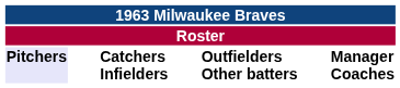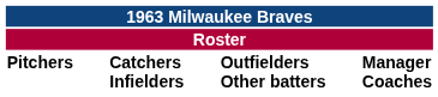 <table class="toccolours" style="font-size: 95%;">
 <tr>
 <th colspan="10" style="background-color: #0f437c; color: white; text-align: center;">1963 Milwaukee Braves</th>
 </tr>
 <tr>
 <td colspan="10" style="background-color: #af0039; color: white; text-align: center;"><strong>Roster</strong></td>
 </tr>
 <tr>
-<td valign="top" style="background: lavender;"><strong>Pitchers</strong><br>             </td>
+<td valign="top"><strong>Pitchers</strong><br>             </td>
 <td width="25px"></td>
 <td valign="top"><strong>Catchers</strong><br>   <strong>Infielders</strong>          </td>
 <td width="25px"></td>
 <td valign="top"><strong>Outfielders</strong><br>        <strong>Other batters</strong>  </td>
 <td width="25px"></td>
 <td valign="top"><strong>Manager</strong><br> <strong>Coaches</strong>    </td>
 </tr>
 </table>
